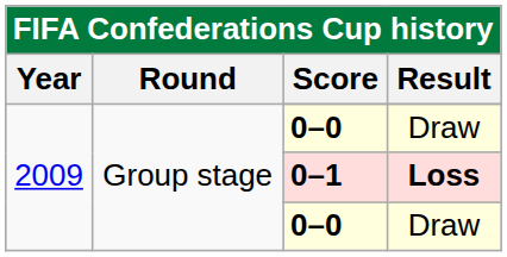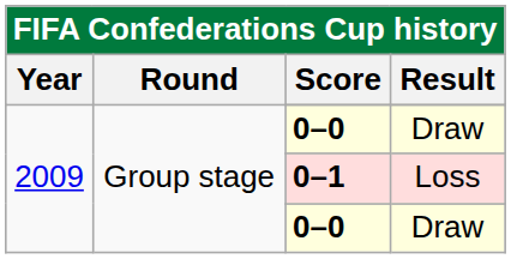 <table class="wikitable sortable mw-collapsible mw-collapsed"  style="text-align:center;">
 <tr>
 <th colspan=4 style="background: #007A3D; color: #FFFFFF;">FIFA Confederations Cup history</th>
 </tr>
 <tr>
 <th>Year</th>
 <th>Round</th>
 <th>Score</th>
 <th>Result</th>
 </tr>
 <tr>
 <td rowspan=4><a href='#'>2009</a></td>
 <td rowspan=4>Group stage</td>
 </tr>
 <tr bgcolor=#ffffdd>
 <td align="left"> <strong>0–0</strong> </td>
 <td>Draw</td>
 </tr>
 <tr bgcolor=#ffdddd>
 <td align="left"> <strong>0–1</strong> </td>
-<td><strong>Loss</strong></td>
+<td>Loss</td>
 </tr>
 <tr bgcolor=#ffffdd>
 <td align="left"> <strong>0–0</strong> </td>
 <td>Draw</td>
 </tr>
 </table>
